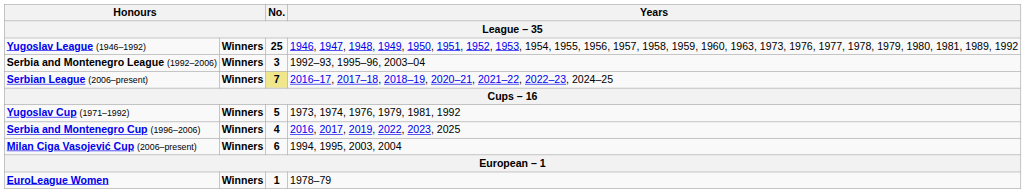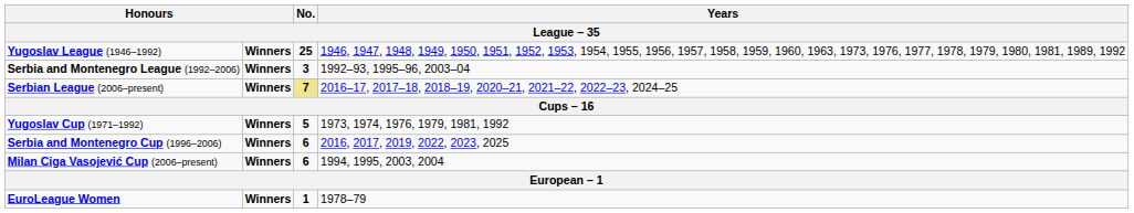 <table class="wikitable">
 <tr>
 <th colspan=2>Honours</th>
 <th>No.</th>
 <th>Years</th>
 </tr>
 <tr>
 <th colspan=6>League – 35</th>
 </tr>
 <tr>
 <td><strong><a href='#'>Yugoslav League</a></strong> <small>(1946–1992)</small></td>
 <td><strong>Winners</strong></td>
 <td align=center><strong>25</strong></td>
 <td><a href='#'>1946</a>, <a href='#'>1947</a>, <a href='#'>1948</a>, <a href='#'>1949</a>, <a href='#'>1950</a>, <a href='#'>1951</a>, <a href='#'>1952</a>, <a href='#'>1953</a>, 1954, 1955, 1956, 1957, 1958, 1959, 1960, 1963, 1973, 1976, 1977, 1978, 1979, 1980, 1981, 1989, 1992</td>
 </tr>
 <tr>
 <td><strong>Serbia and Montenegro League</strong> <small>(1992–2006)</small></td>
 <td><strong>Winners</strong></td>
 <td align=center><strong>3</strong></td>
 <td>1992–93, 1995–96, 2003–04</td>
 </tr>
 <tr>
 <td><strong><a href='#'>Serbian League</a></strong> <small>(2006–present)</small></td>
 <td><strong>Winners</strong></td>
 <td align=center style="background: khaki;"><strong>7</strong></td>
 <td><a href='#'>2016–17</a>, <a href='#'>2017–18</a>, <a href='#'>2018–19</a>, <a href='#'>2020–21</a>, <a href='#'>2021–22</a>, <a href='#'>2022–23</a>, 2024–25</td>
 </tr>
 <tr>
 <th colspan=6>Cups – 16</th>
 </tr>
 <tr>
 <td><strong><a href='#'>Yugoslav Cup</a></strong> <small>(1971–1992)</small></td>
 <td><strong>Winners</strong></td>
 <td align=center><strong>5</strong></td>
 <td>1973, 1974, 1976, 1979, 1981, 1992</td>
 </tr>
 <tr>
 <td><strong><a href='#'>Serbia and Montenegro Cup</a></strong> <small>(1996–2006)</small></td>
 <td><strong>Winners</strong></td>
-<td align=center><strong>4</strong></td>
+<td align=center><strong>6</strong></td>
 <td><a href='#'>2016</a>, <a href='#'>2017</a>, <a href='#'>2019</a>, <a href='#'>2022</a>, <a href='#'>2023</a>, 2025</td>
 </tr>
 <tr>
 <td><strong><a href='#'>Milan Ciga Vasojević Cup</a></strong> <small>(2006–present)</small></td>
 <td><strong>Winners</strong></td>
 <td align=center><strong>6</strong></td>
 <td>1994, 1995, 2003, 2004</td>
 </tr>
 <tr>
 <th colspan=6>European – 1</th>
 </tr>
 <tr>
 <td><strong><a href='#'>EuroLeague Women</a></strong></td>
 <td><strong>Winners</strong></td>
 <td align=center><strong>1</strong></td>
 <td>1978–79</td>
 </tr>
 </table>
